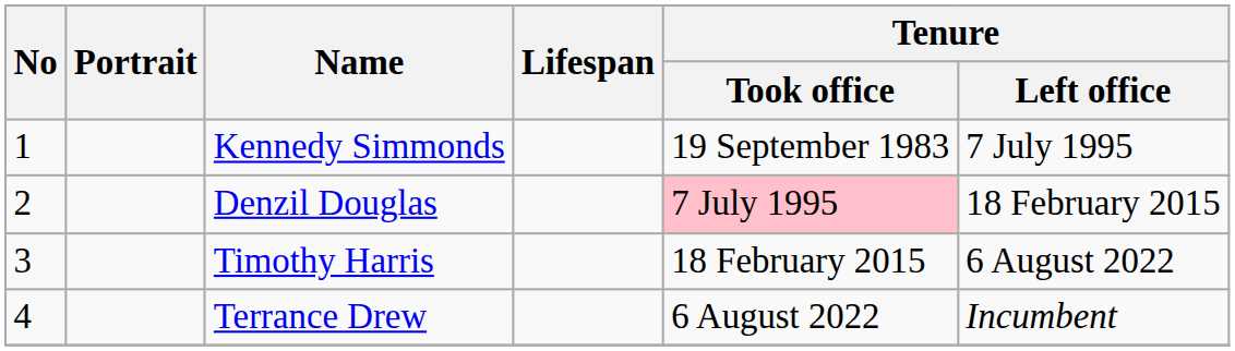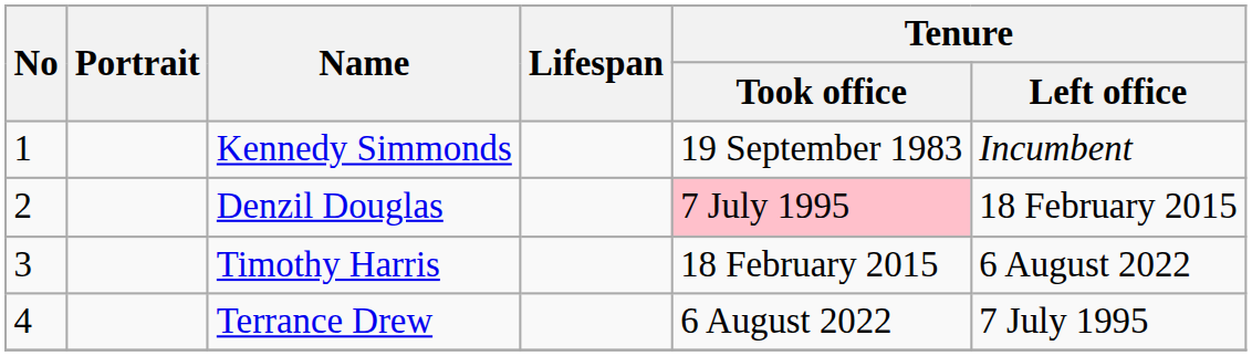 <table class="wikitable">
 <tr>
 <th rowspan="2" scope="col">No</th>
 <th scope="col" rowspan="2">Portrait</th>
 <th rowspan="2" scope="col">Name</th>
 <th scope="col" rowspan="2">Lifespan</th>
 <th colspan="2" scope="col">Tenure</th>
 </tr>
 <tr>
 <th scope="col">Took office</th>
 <th scope="col">Left office</th>
 </tr>
 <tr>
 <td>1</td>
 <td></td>
 <td><a href='#'>Kennedy Simmonds</a></td>
 <td></td>
 <td>19 September 1983</td>
-<td>7 July 1995</td>
+<td><em>Incumbent</em></td>
 </tr>
 <tr>
 <td>2</td>
 <td></td>
 <td><a href='#'>Denzil Douglas</a></td>
 <td></td>
 <td style="background: pink;">7 July 1995</td>
 <td>18 February 2015</td>
 </tr>
 <tr>
 <td>3</td>
 <td></td>
 <td><a href='#'>Timothy Harris</a></td>
 <td></td>
 <td>18 February 2015</td>
 <td>6 August 2022</td>
 </tr>
 <tr>
 <td>4</td>
 <td></td>
 <td><a href='#'>Terrance Drew</a></td>
 <td></td>
 <td>6 August 2022</td>
-<td><em>Incumbent</em></td>
+<td>7 July 1995</td>
 </tr>
 <tr>
 </tr>
 </table>
